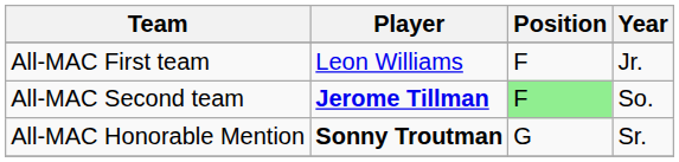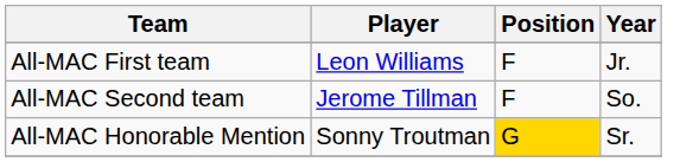 <table class="wikitable" border="1">
 <tr align=center>
 <th style= >Team</th>
 <th style= >Player</th>
 <th style= >Position</th>
 <th style= >Year</th>
 </tr>
 <tr align="center">
 </tr>
 <tr>
 <td>All-MAC First team</td>
 <td><a href='#'>Leon Williams</a></td>
 <td>F</td>
 <td>Jr.</td>
 </tr>
 <tr>
 <td>All-MAC Second team</td>
-<td><strong><a href='#'>Jerome Tillman</a></strong></td>
-<td style="background: lightgreen;">F</td>
+<td><a href='#'>Jerome Tillman</a></td>
+<td>F</td>
 <td>So.</td>
 </tr>
 <tr>
 <td>All-MAC Honorable Mention</td>
-<td><strong>Sonny Troutman</strong></td>
-<td>G</td>
+<td>Sonny Troutman</td>
+<td style="background: gold;">G</td>
 <td>Sr.</td>
 </tr>
 <tr>
 </tr>
 </table>
